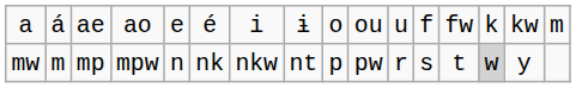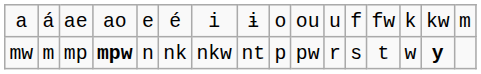 <table class="wikitable" style="text-align: center;">
 <tr>
 <td>a</td>
 <td>á</td>
 <td>ae</td>
 <td>ao</td>
 <td>e</td>
 <td>é</td>
 <td>i</td>
 <td>ɨ</td>
 <td>o</td>
 <td>ou</td>
 <td>u</td>
 <td>f</td>
 <td>fw</td>
 <td>k</td>
 <td>kw</td>
 <td>m</td>
 </tr>
 <tr>
 <td>mw</td>
 <td>m</td>
 <td>mp</td>
-<td>mpw</td>
+<td><strong>mpw</strong></td>
 <td>n</td>
 <td>nk</td>
 <td>nkw</td>
 <td>nt</td>
 <td>p</td>
 <td>pw</td>
 <td>r</td>
 <td>s</td>
 <td>t</td>
-<td style="background: lightgrey;">w</td>
-<td>y</td>
+<td>w</td>
+<td><strong>y</strong></td>
 </tr>
 </table>
